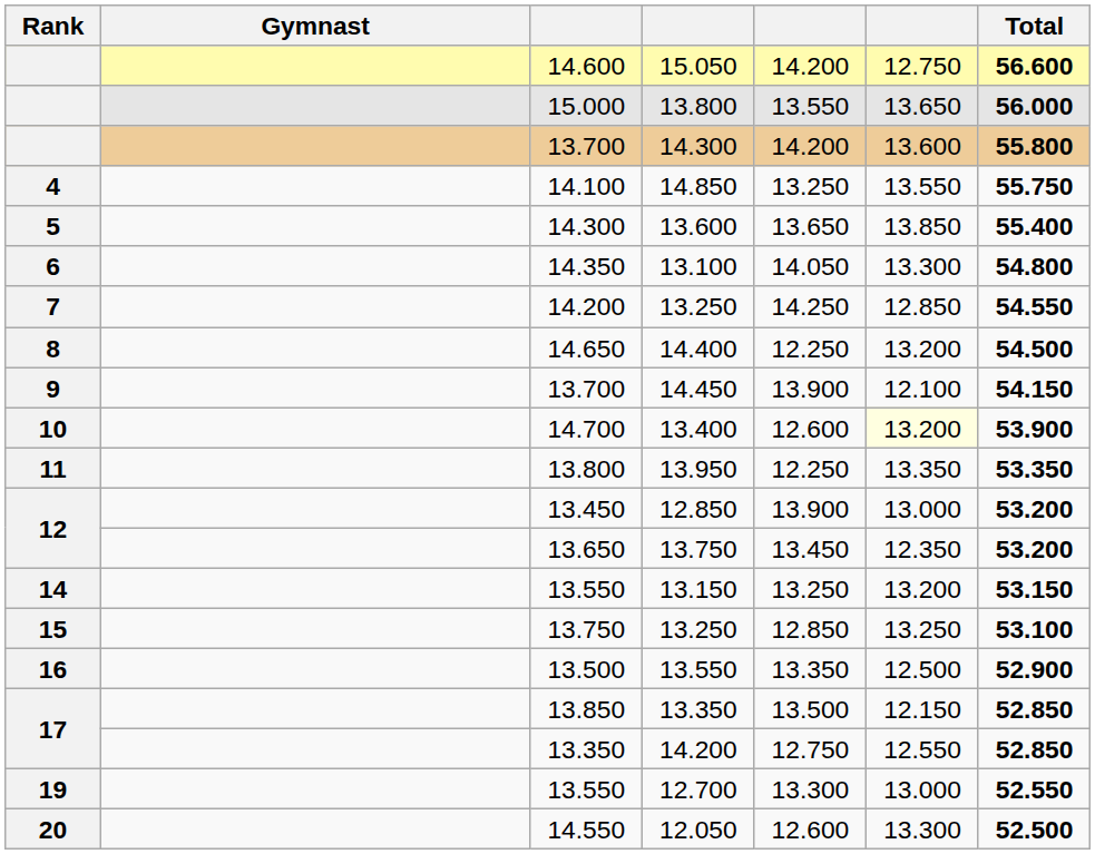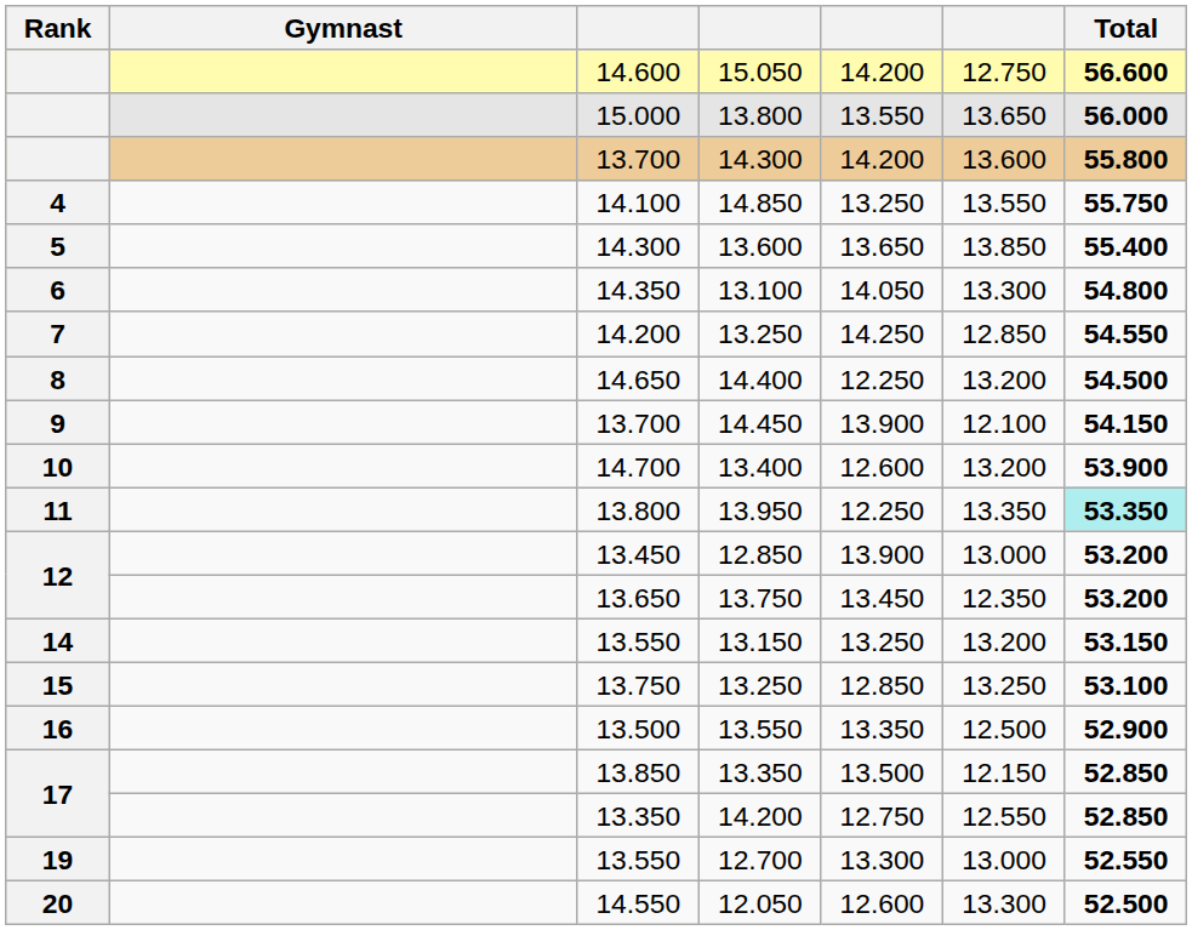 <table class="wikitable sortable" style="text-align:center; font-size:95%">
 <tr>
 <th scope="col" style="width:50px;">Rank</th>
 <th scope="col" style="width:250px;">Gymnast</th>
 <th scope="col" style="width:60px;"></th>
 <th scope="col" style="width:60px;"></th>
 <th scope="col" style="width:60px;"></th>
 <th scope="col" style="width:60px;"></th>
 <th scope="col" style="width:60px;">Total</th>
 </tr>
 <tr style="background:#fffcaf;">
 <th scope=row style="text-align:center"></th>
 <td align=left></td>
 <td>14.600</td>
 <td>15.050</td>
 <td>14.200</td>
 <td>12.750</td>
 <td><strong>56.600</strong></td>
 </tr>
 <tr style="background:#e5e5e5;">
 <th scope=row style="text-align:center"></th>
 <td align=left></td>
 <td>15.000</td>
 <td>13.800</td>
 <td>13.550</td>
 <td>13.650</td>
 <td><strong>56.000</strong></td>
 </tr>
 <tr style="background:#ec9;">
 <th scope=row style="text-align:center"></th>
 <td align=left></td>
 <td>13.700</td>
 <td>14.300</td>
 <td>14.200</td>
 <td>13.600</td>
 <td><strong>55.800</strong></td>
 </tr>
 <tr>
 <th scope=row style="text-align:center">4</th>
 <td align=left></td>
 <td>14.100</td>
 <td>14.850</td>
 <td>13.250</td>
 <td>13.550</td>
 <td><strong>55.750</strong></td>
 </tr>
 <tr>
 <th scope=row style="text-align:center">5</th>
 <td align=left></td>
 <td>14.300</td>
 <td>13.600</td>
 <td>13.650</td>
 <td>13.850</td>
 <td><strong>55.400</strong></td>
 </tr>
 <tr>
 <th scope=row style="text-align:center">6</th>
 <td align=left></td>
 <td>14.350</td>
 <td>13.100</td>
 <td>14.050</td>
 <td>13.300</td>
 <td><strong>54.800</strong></td>
 </tr>
 <tr>
 <th scope=row style="text-align:center">7</th>
 <td align=left></td>
 <td>14.200</td>
 <td>13.250</td>
 <td>14.250</td>
 <td>12.850</td>
 <td><strong>54.550</strong></td>
 </tr>
 <tr>
 <th scope=row style="text-align:center">8</th>
 <td align=left></td>
 <td>14.650</td>
 <td>14.400</td>
 <td>12.250</td>
 <td>13.200</td>
 <td><strong>54.500</strong></td>
 </tr>
 <tr>
 <th scope=row style="text-align:center">9</th>
 <td align=left></td>
 <td>13.700</td>
 <td>14.450</td>
 <td>13.900</td>
 <td>12.100</td>
 <td><strong>54.150</strong></td>
 </tr>
 <tr>
 <th scope=row style="text-align:center">10</th>
 <td align=left></td>
 <td>14.700</td>
 <td>13.400</td>
 <td>12.600</td>
-<td style="background: lightyellow;">13.200</td>
+<td>13.200</td>
 <td><strong>53.900</strong></td>
 </tr>
 <tr>
 <th scope=row style="text-align:center">11</th>
 <td align=left></td>
 <td>13.800</td>
 <td>13.950</td>
 <td>12.250</td>
 <td>13.350</td>
-<td><strong>53.350</strong></td>
+<td style="background: paleturquoise;"><strong>53.350</strong></td>
 </tr>
 <tr>
 <th scope=row rowspan="2" style="text-align:center">12</th>
 <td align=left></td>
 <td>13.450</td>
 <td>12.850</td>
 <td>13.900</td>
 <td>13.000</td>
 <td><strong>53.200</strong></td>
 </tr>
 <tr>
 <td align=left></td>
 <td>13.650</td>
 <td>13.750</td>
 <td>13.450</td>
 <td>12.350</td>
 <td><strong>53.200</strong></td>
 </tr>
 <tr>
 <th scope=row style="text-align:center">14</th>
 <td align=left></td>
 <td>13.550</td>
 <td>13.150</td>
 <td>13.250</td>
 <td>13.200</td>
 <td><strong>53.150</strong></td>
 </tr>
 <tr>
 <th scope=row style="text-align:center">15</th>
 <td align=left></td>
 <td>13.750</td>
 <td>13.250</td>
 <td>12.850</td>
 <td>13.250</td>
 <td><strong>53.100</strong></td>
 </tr>
 <tr>
 <th scope=row style="text-align:center">16</th>
 <td align=left></td>
 <td>13.500</td>
 <td>13.550</td>
 <td>13.350</td>
 <td>12.500</td>
 <td><strong>52.900</strong></td>
 </tr>
 <tr>
 <th scope=row style="text-align:center" rowspan="2">17</th>
 <td align=left></td>
 <td>13.850</td>
 <td>13.350</td>
 <td>13.500</td>
 <td>12.150</td>
 <td><strong>52.850</strong></td>
 </tr>
 <tr>
 <td align=left></td>
 <td>13.350</td>
 <td>14.200</td>
 <td>12.750</td>
 <td>12.550</td>
 <td><strong>52.850</strong></td>
 </tr>
 <tr>
 <th scope=row style="text-align:center">19</th>
 <td align=left></td>
 <td>13.550</td>
 <td>12.700</td>
 <td>13.300</td>
 <td>13.000</td>
 <td><strong>52.550</strong></td>
 </tr>
 <tr>
 <th scope=row style="text-align:center">20</th>
 <td align=left></td>
 <td>14.550</td>
 <td>12.050</td>
 <td>12.600</td>
 <td>13.300</td>
 <td><strong>52.500</strong></td>
 </tr>
 </table>
